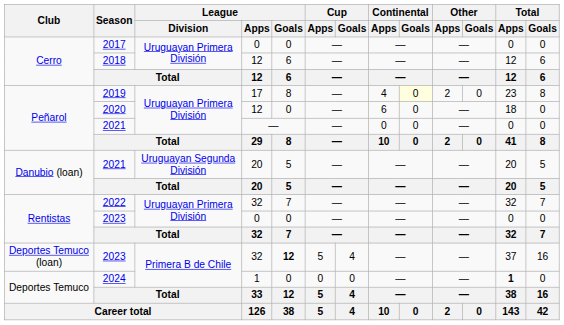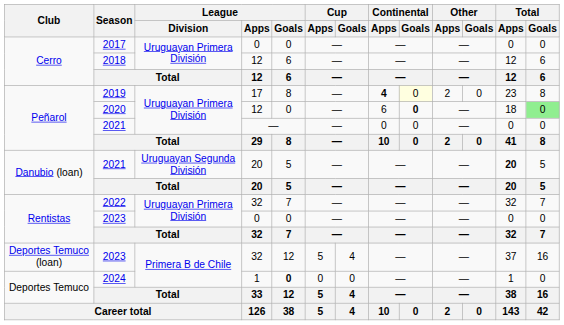 <table class="wikitable" Style="text-align: center">
 <tr>
 <th rowspan="2">Club</th>
 <th rowspan="2">Season</th>
 <th colspan="3">League</th>
 <th colspan="2">Cup</th>
 <th colspan="2">Continental</th>
 <th colspan="2">Other</th>
 <th colspan="2">Total</th>
 </tr>
 <tr>
 <th>Division</th>
 <th>Apps</th>
 <th>Goals</th>
 <th>Apps</th>
 <th>Goals</th>
 <th>Apps</th>
 <th>Goals</th>
 <th>Apps</th>
 <th>Goals</th>
 <th>Apps</th>
 <th>Goals</th>
 </tr>
 <tr>
 <td rowspan="3"><a href='#'>Cerro</a></td>
 <td><a href='#'>2017</a></td>
 <td rowspan="2"><a href='#'>Uruguayan Primera División</a></td>
 <td>0</td>
 <td>0</td>
 <td colspan="2">—</td>
 <td colspan="2">—</td>
 <td colspan="2">—</td>
 <td>0</td>
 <td>0</td>
 </tr>
 <tr>
 <td><a href='#'>2018</a></td>
 <td>12</td>
 <td>6</td>
 <td colspan="2">—</td>
 <td colspan="2">—</td>
 <td colspan="2">—</td>
 <td>12</td>
 <td>6</td>
 </tr>
 <tr>
 <th colspan="2">Total</th>
 <th>12</th>
 <th>6</th>
 <th colspan="2">—</th>
 <th colspan="2">—</th>
 <th colspan="2">—</th>
 <th>12</th>
 <th>6</th>
 </tr>
 <tr>
 <td rowspan="4"><a href='#'>Peñarol</a></td>
 <td><a href='#'>2019</a></td>
 <td rowspan="3"><a href='#'>Uruguayan Primera División</a></td>
 <td>17</td>
 <td>8</td>
 <td colspan="2">—</td>
-<td>4</td>
+<td><strong>4</strong></td>
 <td style="background: lightyellow;">0</td>
 <td>2</td>
 <td>0</td>
 <td>23</td>
 <td>8</td>
 </tr>
 <tr>
 <td><a href='#'>2020</a></td>
 <td>12</td>
 <td>0</td>
 <td colspan="2">—</td>
 <td>6</td>
-<td>0</td>
+<td><strong>0</strong></td>
 <td colspan="2">—</td>
 <td>18</td>
-<td>0</td>
+<td style="background: lightgreen;">0</td>
 </tr>
 <tr>
 <td><a href='#'>2021</a></td>
 <td colspan="2">—</td>
 <td colspan="2">—</td>
 <td>0</td>
 <td>0</td>
 <td colspan="2">—</td>
 <td>0</td>
 <td>0</td>
 </tr>
 <tr>
 <th colspan="2">Total</th>
 <th>29</th>
 <th>8</th>
 <th colspan="2">—</th>
 <th>10</th>
 <th>0</th>
 <th>2</th>
 <th>0</th>
 <th>41</th>
 <th>8</th>
 </tr>
 <tr>
 <td rowspan="2"><a href='#'>Danubio</a> (loan)</td>
 <td><a href='#'>2021</a></td>
 <td><a href='#'>Uruguayan Segunda División</a></td>
 <td>20</td>
 <td>5</td>
 <td colspan="2">—</td>
 <td colspan="2">—</td>
 <td colspan="2">—</td>
-<td>20</td>
+<td><strong>20</strong></td>
 <td>5</td>
 </tr>
 <tr>
 <th colspan="2">Total</th>
 <th>20</th>
 <th>5</th>
 <th colspan="2">—</th>
 <th colspan="2">—</th>
 <th colspan="2">—</th>
 <th>20</th>
 <th>5</th>
 </tr>
 <tr>
 <td rowspan="3"><a href='#'>Rentistas</a></td>
 <td><a href='#'>2022</a></td>
 <td rowspan="2"><a href='#'>Uruguayan Primera División</a></td>
 <td>32</td>
 <td>7</td>
 <td colspan="2">—</td>
 <td colspan="2">—</td>
 <td colspan="2">—</td>
 <td>32</td>
 <td>7</td>
 </tr>
 <tr>
 <td><a href='#'>2023</a></td>
 <td>0</td>
 <td>0</td>
 <td colspan="2">—</td>
 <td colspan="2">—</td>
 <td colspan="2">—</td>
 <td>0</td>
 <td>0</td>
 </tr>
 <tr>
 <th colspan="2">Total</th>
 <th>32</th>
 <th>7</th>
 <th colspan="2">—</th>
 <th colspan="2">—</th>
 <th colspan="2">—</th>
 <th>32</th>
 <th>7</th>
 </tr>
 <tr>
 <td><a href='#'>Deportes Temuco</a> (loan)</td>
 <td><a href='#'>2023</a></td>
 <td rowspan="2"><a href='#'>Primera B de Chile</a></td>
 <td>32</td>
-<td><strong>12</strong></td>
+<td>12</td>
 <td>5</td>
 <td>4</td>
 <td colspan="2">—</td>
 <td colspan="2">—</td>
 <td>37</td>
 <td>16</td>
 </tr>
 <tr>
 <td rowspan="2">Deportes Temuco</td>
 <td><a href='#'>2024</a></td>
 <td>1</td>
-<td>0</td>
+<td><strong>0</strong></td>
 <td>0</td>
 <td>0</td>
 <td colspan="2">—</td>
 <td colspan="2">—</td>
-<td><strong>1</strong></td>
+<td>1</td>
 <td>0</td>
 </tr>
 <tr>
 <th colspan="2">Total</th>
 <th>33</th>
 <th>12</th>
 <th>5</th>
 <th>4</th>
 <th colspan="2">—</th>
 <th colspan="2">—</th>
 <th>38</th>
 <th>16</th>
 </tr>
 <tr>
 <th colspan="3">Career total</th>
 <th>126</th>
 <th>38</th>
 <th>5</th>
 <th>4</th>
 <th>10</th>
 <th>0</th>
 <th>2</th>
 <th>0</th>
 <th>143</th>
 <th>42</th>
 </tr>
 </table>
